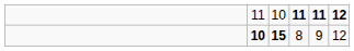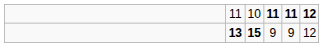 <table class="wikitable">
 <tr>
 <td style="width:18em"></td>
 <td align=center style="width:1em">11</td>
 <td align=center style="width:1em">10</td>
 <td align=center style="width:1em"><strong>11</strong></td>
 <td align=center style="width:1em"><strong>11</strong></td>
 <td align=center style="width:1em"><strong>12</strong></td>
 </tr>
 <tr>
 <td style="width:18em"></td>
-<td align=center style="width:1em"><strong>10</strong></td>
+<td align=center style="width:1em"><strong>13</strong></td>
 <td align=center style="width:1em"><strong>15</strong></td>
-<td align=center style="width:1em">8</td>
+<td align=center style="width:1em">9</td>
 <td align=center style="width:1em">9</td>
 <td align=center style="width:1em">12</td>
 </tr>
 </table>
